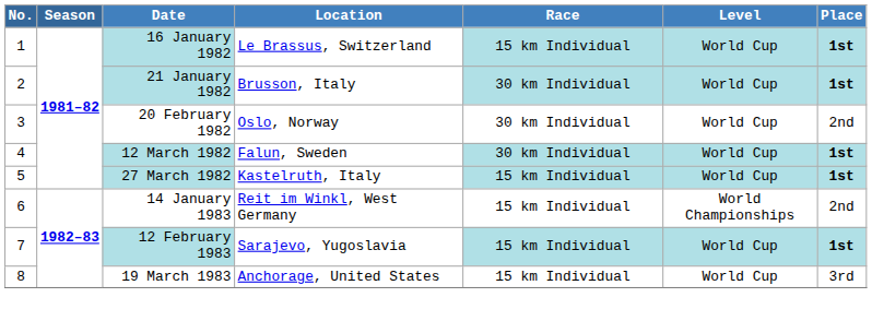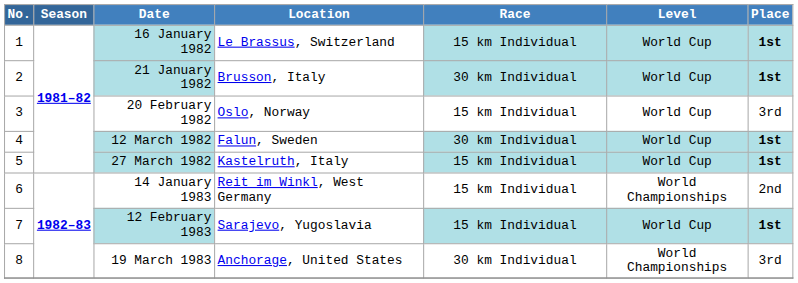 <table class="wikitable sortable" style="font-size:95%; text-align:center; border:grey solid 1px; border-collapse:collapse; background:#ffffff;">
 <tr style="background:#efefef;">
 <th style="background-color:#369; color:white;">No.</th>
 <th style="background-color:#369; color:white;">Season</th>
 <th style="background-color:#4180be; color:white; width:110px;">Date</th>
 <th style="background-color:#4180be; color:white; width:195px;">Location</th>
 <th style="background-color:#4180be; color:white; width:170px;">Race</th>
 <th style="background-color:#4180be; color:white; width:130px;">Level</th>
 <th style="background-color:#4180be; color:white;">Place</th>
 </tr>
 <tr>
 <td align=center>1</td>
 <td rowspan=5 align=center><strong><a href='#'>1981–82</a></strong></td>
 <td bgcolor="#BOEOE6" align=right>16 January 1982</td>
 <td align=left> <a href='#'>Le Brassus</a>, Switzerland</td>
 <td bgcolor="#BOEOE6">15 km Individual</td>
 <td bgcolor="#BOEOE6">World Cup</td>
 <td bgcolor="#BOEOE6"><strong>1st</strong></td>
 </tr>
 <tr>
 <td align=center>2</td>
 <td bgcolor="#BOEOE6" align=right>21 January 1982</td>
 <td align=left> <a href='#'>Brusson</a>, Italy</td>
 <td bgcolor="#BOEOE6">30 km Individual</td>
 <td bgcolor="#BOEOE6">World Cup</td>
 <td bgcolor="#BOEOE6"><strong>1st</strong></td>
 </tr>
 <tr>
 <td align=center>3</td>
 <td align=right>20 February 1982</td>
 <td align=left> <a href='#'>Oslo</a>, Norway</td>
-<td>30 km Individual</td>
+<td>15 km Individual</td>
 <td>World Cup</td>
-<td>2nd</td>
+<td>3rd</td>
 </tr>
 <tr>
 <td align=center>4</td>
 <td bgcolor="#BOEOE6" align=right>12 March 1982</td>
 <td align=left> <a href='#'>Falun</a>, Sweden</td>
 <td bgcolor="#BOEOE6">30 km Individual</td>
 <td bgcolor="#BOEOE6">World Cup</td>
 <td bgcolor="#BOEOE6"><strong>1st</strong></td>
 </tr>
 <tr>
 <td align=center>5</td>
 <td bgcolor="#BOEOE6" align=right>27 March 1982</td>
 <td align=left> <a href='#'>Kastelruth</a>, Italy</td>
 <td bgcolor="#BOEOE6">15 km Individual</td>
 <td bgcolor="#BOEOE6">World Cup</td>
 <td bgcolor="#BOEOE6"><strong>1st</strong></td>
 </tr>
 <tr>
 <td align=center>6</td>
 <td rowspan=3 align=center><strong><a href='#'>1982–83</a></strong></td>
 <td align=right>14 January 1983</td>
 <td align=left>  <a href='#'>Reit im Winkl</a>, West Germany</td>
 <td>15 km Individual</td>
 <td>World Championships</td>
 <td>2nd</td>
 </tr>
 <tr>
 <td align=center>7</td>
 <td bgcolor="#BOEOE6" align=right>12 February 1983</td>
 <td align=left> <a href='#'>Sarajevo</a>, Yugoslavia</td>
 <td bgcolor="#BOEOE6">15 km Individual</td>
 <td bgcolor="#BOEOE6">World Cup</td>
 <td bgcolor="#BOEOE6"><strong>1st</strong></td>
 </tr>
 <tr>
 <td align=center>8</td>
 <td align=right>19 March 1983</td>
 <td align=left> <a href='#'>Anchorage</a>, United States</td>
-<td>15 km Individual</td>
-<td>World Cup</td>
+<td>30 km Individual</td>
+<td>World Championships</td>
 <td>3rd</td>
 </tr>
 <tr>
 </tr>
 </table>
